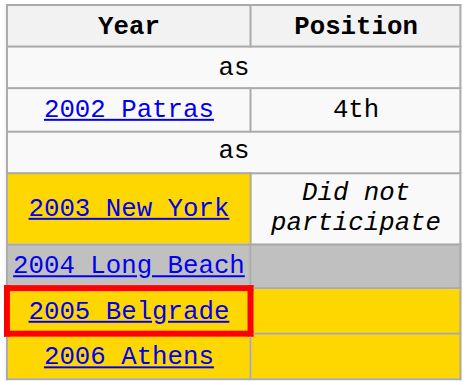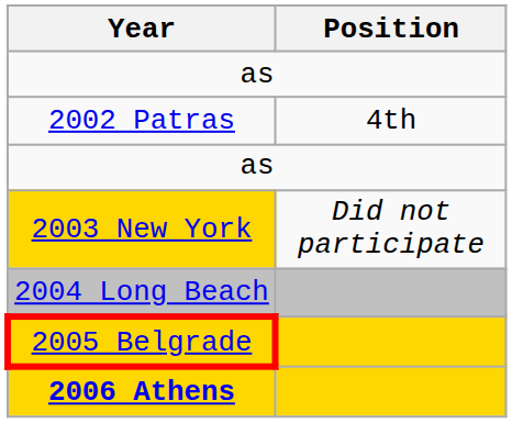 <table class="wikitable" style="text-align: center;">
 <tr>
 <th>Year</th>
 <th width="100">Position</th>
 </tr>
 <tr>
 <td colspan=2>as <strong></strong></td>
 </tr>
 <tr>
 <td> <a href='#'>2002 Patras</a></td>
 <td>4th</td>
 </tr>
 <tr>
 <td colspan=2>as <strong></strong></td>
 </tr>
 <tr>
 <td style="background: gold;"> <a href='#'>2003 New York</a></td>
 <td><em>Did not participate</em></td>
 </tr>
 <tr bgcolor=silver>
 <td> <a href='#'>2004 Long Beach</a></td>
 <td></td>
 </tr>
 <tr bgcolor=gold>
 <td style="border: 3px solid red"> <a href='#'>2005 Belgrade</a></td>
 <td></td>
 </tr>
 <tr bgcolor=gold>
-<td> <a href='#'>2006 Athens</a></td>
+<td><strong> <a href='#'>2006 Athens</a></strong></td>
 <td></td>
 </tr>
 </table>
